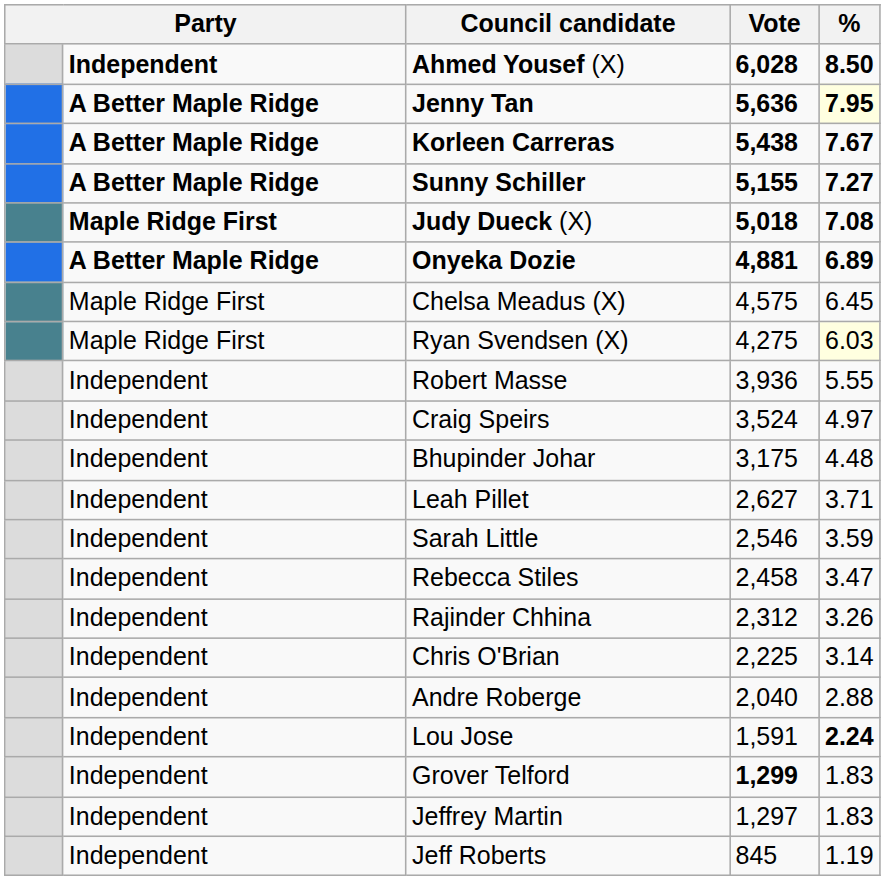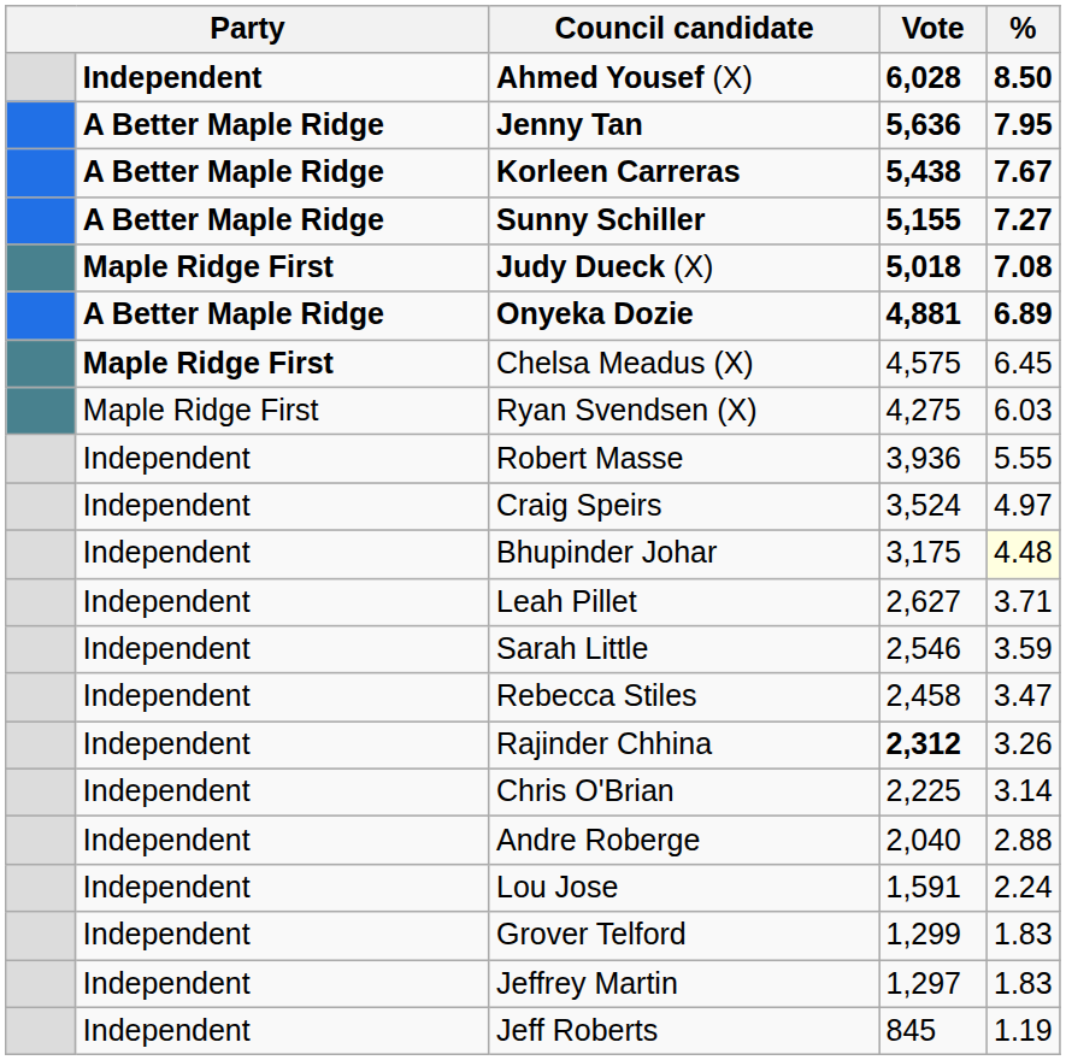 <table class="wikitable">
 <tr>
 <th width="250px" colspan="2">Party</th>
 <th width="200px">Council candidate</th>
 <th width="50px">Vote</th>
 <th width="30px">%</th>
 </tr>
 <tr>
 <td style="background:gainsboro" width="30px"> </td>
 <td><strong>Independent</strong></td>
 <td><strong>Ahmed Yousef</strong> (X) </td>
 <td><strong>6,028</strong></td>
 <td><strong>8.50</strong></td>
 </tr>
 <tr>
 <td style="background:#2170e6;" width="30px"> </td>
 <td><strong>A Better Maple Ridge</strong></td>
 <td><strong>Jenny Tan</strong> </td>
 <td><strong>5,636</strong></td>
-<td style="background: lightyellow;"><strong>7.95</strong></td>
+<td><strong>7.95</strong></td>
 </tr>
 <tr>
 <td style="background:#2170e6;" width="30px"> </td>
 <td><strong>A Better Maple Ridge</strong></td>
 <td><strong>Korleen Carreras</strong> </td>
 <td><strong>5,438</strong></td>
 <td><strong>7.67</strong></td>
 </tr>
 <tr>
 <td style="background:#2170e6;" width="30px"> </td>
 <td><strong>A Better Maple Ridge</strong></td>
 <td><strong>Sunny Schiller</strong> </td>
 <td><strong>5,155</strong></td>
 <td><strong>7.27</strong></td>
 </tr>
 <tr>
 <td style="background:#48818e;" width="30px"> </td>
 <td><strong>Maple Ridge First</strong></td>
 <td><strong>Judy Dueck</strong> (X) </td>
 <td><strong>5,018</strong></td>
 <td><strong>7.08</strong></td>
 </tr>
 <tr>
 <td style="background:#2170e6;" width="30px"> </td>
 <td><strong>A Better Maple Ridge</strong></td>
 <td><strong>Onyeka Dozie</strong> </td>
 <td><strong>4,881</strong></td>
 <td><strong>6.89</strong></td>
 </tr>
 <tr>
 <td style="background:#48818e;" width="30px"> </td>
-<td>Maple Ridge First</td>
+<td><strong>Maple Ridge First</strong></td>
 <td>Chelsa Meadus (X)</td>
 <td>4,575</td>
 <td>6.45</td>
 </tr>
 <tr>
 <td style="background:#48818e;" width="30px"> </td>
 <td>Maple Ridge First</td>
 <td>Ryan Svendsen (X)</td>
 <td>4,275</td>
-<td style="background: lightyellow;">6.03</td>
+<td>6.03</td>
 </tr>
 <tr>
 <td style="background:gainsboro" width="30px"> </td>
 <td>Independent</td>
 <td>Robert Masse</td>
 <td>3,936</td>
 <td>5.55</td>
 </tr>
 <tr>
 <td style="background:gainsboro" width="30px"> </td>
 <td>Independent</td>
 <td>Craig Speirs</td>
 <td>3,524</td>
 <td>4.97</td>
 </tr>
 <tr>
 <td style="background:gainsboro" width="30px"> </td>
 <td>Independent</td>
 <td>Bhupinder Johar</td>
 <td>3,175</td>
-<td>4.48</td>
+<td style="background: lightyellow;">4.48</td>
 </tr>
 <tr>
 <td style="background:gainsboro" width="30px"> </td>
 <td>Independent</td>
 <td>Leah Pillet</td>
 <td>2,627</td>
 <td>3.71</td>
 </tr>
 <tr>
 <td style="background:gainsboro" width="30px"> </td>
 <td>Independent</td>
 <td>Sarah Little</td>
 <td>2,546</td>
 <td>3.59</td>
 </tr>
 <tr>
 <td style="background:gainsboro" width="30px"> </td>
 <td>Independent</td>
 <td>Rebecca Stiles</td>
 <td>2,458</td>
 <td>3.47</td>
 </tr>
 <tr>
 <td style="background:gainsboro" width="30px"> </td>
 <td>Independent</td>
 <td>Rajinder Chhina</td>
-<td>2,312</td>
+<td><strong>2,312</strong></td>
 <td>3.26</td>
 </tr>
 <tr>
 <td style="background:gainsboro" width="30px"> </td>
 <td>Independent</td>
 <td>Chris O'Brian</td>
 <td>2,225</td>
 <td>3.14</td>
 </tr>
 <tr>
 <td style="background:gainsboro" width="30px"> </td>
 <td>Independent</td>
 <td>Andre Roberge</td>
 <td>2,040</td>
 <td>2.88</td>
 </tr>
 <tr>
 <td style="background:gainsboro" width="30px"> </td>
 <td>Independent</td>
 <td>Lou Jose</td>
 <td>1,591</td>
-<td><strong>2.24</strong></td>
+<td>2.24</td>
 </tr>
 <tr>
 <td style="background:gainsboro" width="30px"> </td>
 <td>Independent</td>
 <td>Grover Telford</td>
-<td><strong>1,299</strong></td>
+<td>1,299</td>
 <td>1.83</td>
 </tr>
 <tr>
 <td style="background:gainsboro" width="30px"> </td>
 <td>Independent</td>
 <td>Jeffrey Martin</td>
 <td>1,297</td>
 <td>1.83</td>
 </tr>
 <tr>
 <td style="background:gainsboro" width="30px"> </td>
 <td>Independent</td>
 <td>Jeff Roberts</td>
 <td>845</td>
 <td>1.19</td>
 </tr>
 </table>
